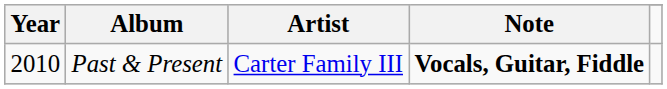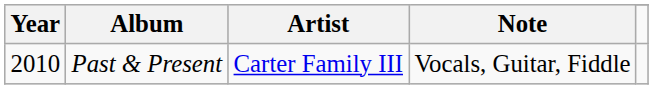 <table class="wikitable">
 <tr>
 <th rowspan="2">Year</th>
 <th rowspan="2">Album</th>
 <th rowspan="2">Artist</th>
 <th rowspan="2">Note</th>
 </tr>
 <tr>
 <td></td>
 </tr>
 <tr>
 <td>2010</td>
 <td><em>Past & Present</em></td>
 <td style="text-align:center;"><a href='#'>Carter Family III</a></td>
-<td><strong>Vocals, Guitar, Fiddle</strong></td>
+<td>Vocals, Guitar, Fiddle</td>
 <td></td>
 </tr>
 </table>
